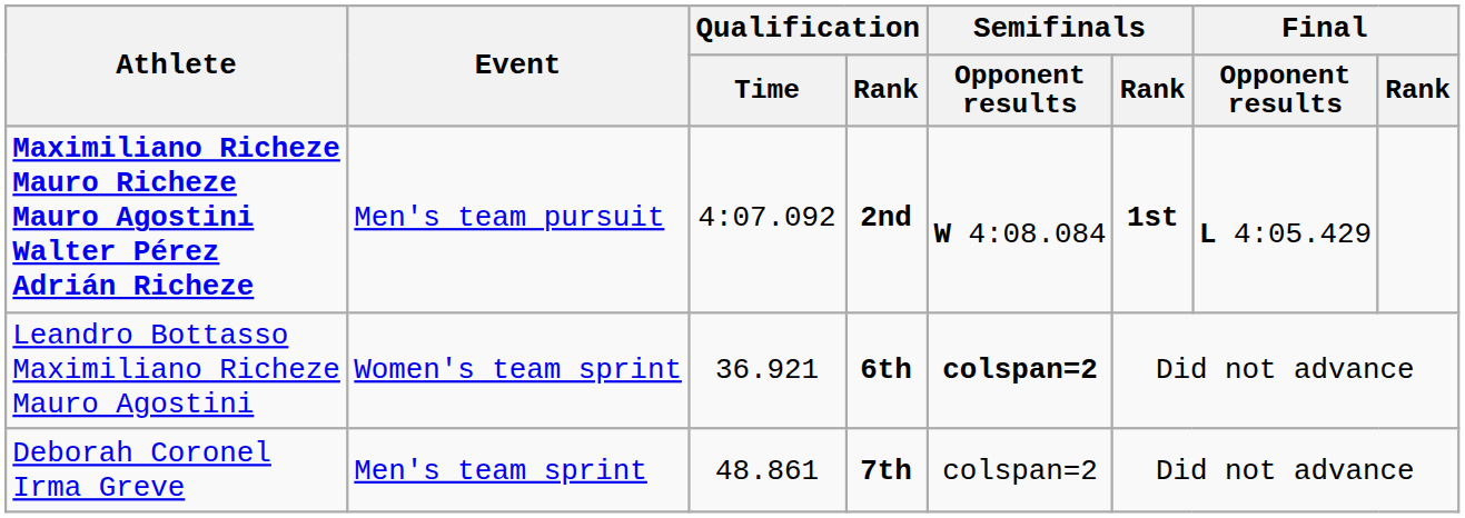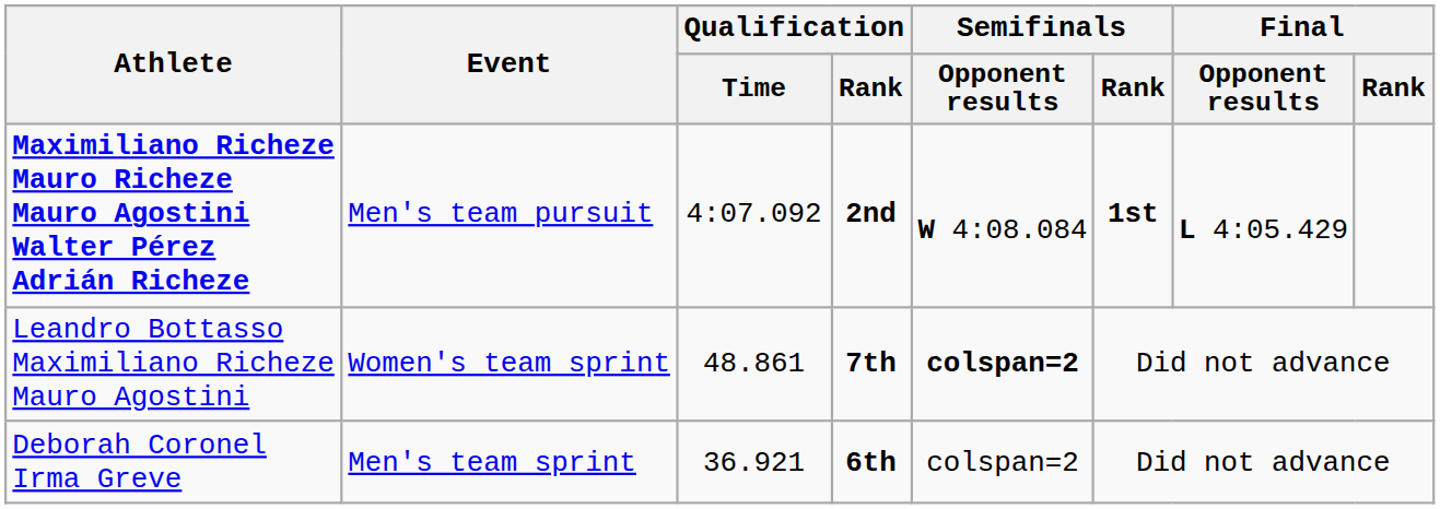 <table class="wikitable" style="font-size:90%">
 <tr>
 <th rowspan=2>Athlete</th>
 <th rowspan=2>Event</th>
 <th colspan=2>Qualification</th>
 <th colspan=2>Semifinals</th>
 <th colspan=2>Final</th>
 </tr>
 <tr style="font-size:95%">
 <th>Time</th>
 <th>Rank</th>
 <th>Opponent<br>results</th>
 <th>Rank</th>
 <th>Opponent<br>results</th>
 <th>Rank</th>
 </tr>
 <tr align=center>
 <td align=left><strong><a href='#'>Maximiliano Richeze</a></strong><br><strong><a href='#'>Mauro Richeze</a></strong><br><strong><a href='#'>Mauro Agostini</a></strong><br><strong><a href='#'>Walter Pérez</a></strong><br><strong><a href='#'>Adrián Richeze</a></strong></td>
 <td align=left><a href='#'>Men's team pursuit</a></td>
 <td>4:07.092</td>
 <td><strong>2nd</strong></td>
 <td><br><strong>W</strong> 4:08.084</td>
 <td><strong>1st</strong></td>
 <td><br><strong>L</strong> 4:05.429</td>
 <td></td>
 </tr>
 <tr align=center>
 <td align=left><a href='#'>Leandro Bottasso</a><br><a href='#'>Maximiliano Richeze</a><br><a href='#'>Mauro Agostini</a></td>
 <td align=left><a href='#'>Women's team sprint</a></td>
-<td>36.921</td>
-<td><strong>6th</strong></td>
+<td>48.861</td>
+<td><strong>7th</strong></td>
 <td><strong>colspan=2 </strong></td>
 <td colspan=4>Did not advance</td>
 </tr>
 <tr align=center>
 <td align=left><a href='#'>Deborah Coronel</a><br><a href='#'>Irma Greve</a></td>
 <td align=left><a href='#'>Men's team sprint</a></td>
-<td>48.861</td>
-<td><strong>7th</strong></td>
+<td>36.921</td>
+<td><strong>6th</strong></td>
 <td>colspan=2 </td>
 <td colspan=4>Did not advance</td>
 </tr>
 </table>
